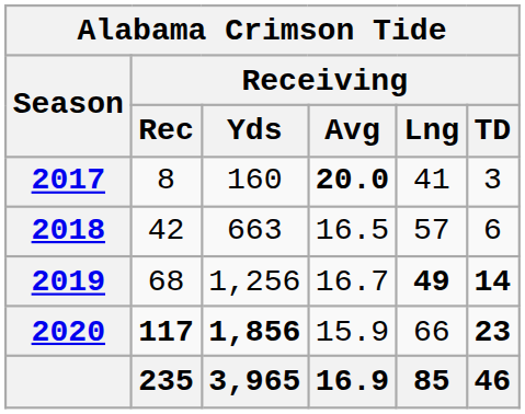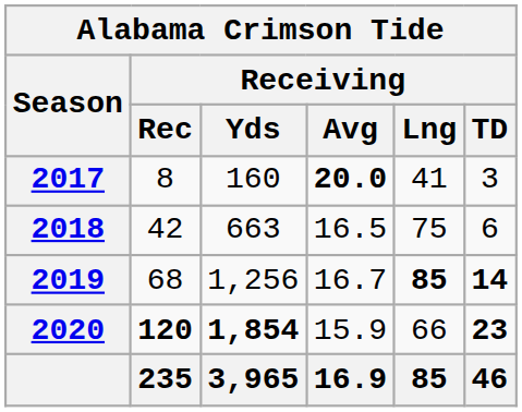 <table class="wikitable" style="text-align:center;">
 <tr>
 <th colspan=10>Alabama Crimson Tide</th>
 </tr>
 <tr>
 <th rowspan="2">Season</th>
 <th colspan="5">Receiving</th>
 </tr>
 <tr>
 <th>Rec</th>
 <th>Yds</th>
 <th>Avg</th>
 <th>Lng</th>
 <th>TD</th>
 </tr>
 <tr>
 <th><a href='#'>2017</a></th>
 <td>8</td>
 <td>160</td>
 <td><strong>20.0</strong></td>
 <td>41</td>
 <td>3</td>
 </tr>
 <tr>
 <th><a href='#'>2018</a></th>
 <td>42</td>
 <td>663</td>
 <td>16.5</td>
-<td>57</td>
+<td>75</td>
 <td>6</td>
 </tr>
 <tr>
 <th><a href='#'>2019</a></th>
 <td>68</td>
 <td>1,256</td>
 <td>16.7</td>
-<td><strong>49</strong></td>
+<td><strong>85</strong></td>
 <td><strong>14</strong></td>
 </tr>
 <tr>
 <th><a href='#'>2020</a></th>
-<td><strong>117</strong></td>
-<td><strong>1,856</strong></td>
+<td><strong>120</strong></td>
+<td><strong>1,854</strong></td>
 <td>15.9</td>
 <td>66</td>
 <td><strong>23</strong></td>
 </tr>
 <tr>
 <th></th>
 <th>235</th>
 <th>3,965</th>
 <th>16.9</th>
 <th>85</th>
 <th>46</th>
 </tr>
 </table>
